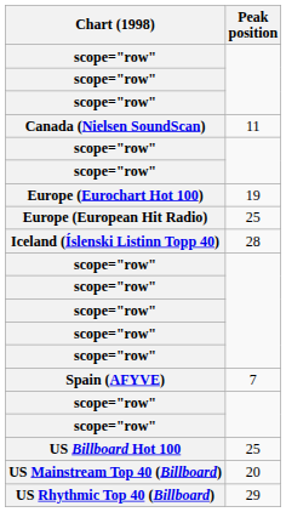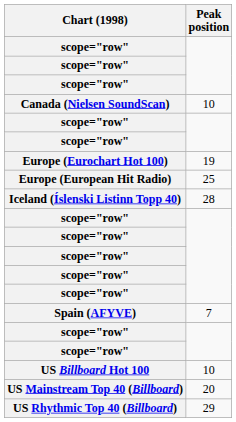 <table class="wikitable sortable plainrowheaders" style="text-align:center">
 <tr>
 <th scope="col">Chart (1998)</th>
 <th scope="col">Peak<br>position</th>
 </tr>
 <tr>
 <th>scope="row" </th>
 </tr>
 <tr>
 <th>scope="row" </th>
 </tr>
 <tr>
 <th>scope="row" </th>
 </tr>
 <tr>
 <th scope="row">Canada (<a href='#'>Nielsen SoundScan</a>)</th>
-<td>11</td>
+<td>10</td>
 </tr>
 <tr>
 <th>scope="row" </th>
 </tr>
 <tr>
 <th>scope="row" </th>
 </tr>
 <tr>
 <th scope="row">Europe (<a href='#'>Eurochart Hot 100</a>)</th>
 <td>19</td>
 </tr>
 <tr>
 <th scope="row">Europe (European Hit Radio)</th>
 <td align="center">25</td>
 </tr>
 <tr>
 <th scope="row">Iceland (<a href='#'>Íslenski Listinn Topp 40</a>)</th>
 <td>28</td>
 </tr>
 <tr>
 <th>scope="row" </th>
 </tr>
 <tr>
 <th>scope="row" </th>
 </tr>
 <tr>
 <th>scope="row" </th>
 </tr>
 <tr>
 <th>scope="row" </th>
 </tr>
 <tr>
 <th>scope="row" </th>
 </tr>
 <tr>
 <th scope="row">Spain (<a href='#'>AFYVE</a>)</th>
 <td>7</td>
 </tr>
 <tr>
 <th>scope="row" </th>
 </tr>
 <tr>
 <th>scope="row" </th>
 </tr>
 <tr>
 <th scope="row">US <a href='#'><em>Billboard</em> Hot 100</a></th>
-<td>25</td>
+<td>10</td>
 </tr>
 <tr>
 <th scope="row">US <a href='#'>Mainstream Top 40</a> (<em><a href='#'>Billboard</a></em>)</th>
 <td>20</td>
 </tr>
 <tr>
 <th scope="row">US <a href='#'>Rhythmic Top 40</a> (<em><a href='#'>Billboard</a></em>)</th>
 <td>29</td>
 </tr>
 </table>
